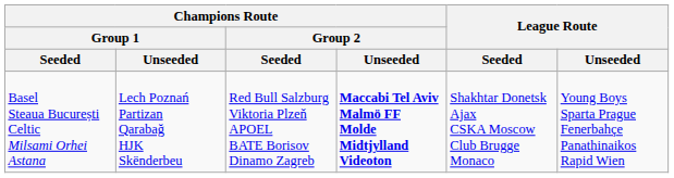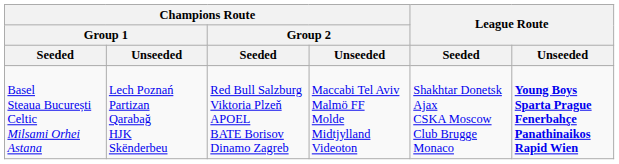 <table class="wikitable" style="font-size:80%">
 <tr>
 <th colspan=4>Champions Route</th>
 <th colspan=2 rowspan=2>League Route</th>
 </tr>
 <tr>
 <th colspan=2>Group 1</th>
 <th colspan=2>Group 2</th>
 </tr>
 <tr>
 <th width=16%>Seeded</th>
 <th width=16%>Unseeded</th>
 <th width=16%>Seeded</th>
 <th width=16%>Unseeded</th>
 <th width=16%>Seeded</th>
 <th width=16%>Unseeded</th>
 </tr>
 <tr>
 <td valign=top><br> <a href='#'>Basel</a><br>  <a href='#'>Steaua București</a><br>  <a href='#'>Celtic</a><br>  <em><a href='#'>Milsami Orhei</a></em><br>  <em><a href='#'>Astana</a></em></td>
 <td valign=top><br> <a href='#'>Lech Poznań</a><br>  <a href='#'>Partizan</a><br>  <a href='#'>Qarabağ</a><br>  <a href='#'>HJK</a><br>  <a href='#'>Skënderbeu</a></td>
 <td valign=top><br> <a href='#'>Red Bull Salzburg</a><br>  <a href='#'>Viktoria Plzeň</a><br>  <a href='#'>APOEL</a><br>  <a href='#'>BATE Borisov</a><br>  <a href='#'>Dinamo Zagreb</a></td>
-<td valign=top><strong><br> <a href='#'>Maccabi Tel Aviv</a><br>  <a href='#'>Malmö FF</a><br>  <a href='#'>Molde</a><br>  <a href='#'>Midtjylland</a><br>  <a href='#'>Videoton</a></strong></td>
+<td valign=top><br> <a href='#'>Maccabi Tel Aviv</a><br>  <a href='#'>Malmö FF</a><br>  <a href='#'>Molde</a><br>  <a href='#'>Midtjylland</a><br>  <a href='#'>Videoton</a></td>
 <td valign=top><br> <a href='#'>Shakhtar Donetsk</a><br>  <a href='#'>Ajax</a><br>  <a href='#'>CSKA Moscow</a><br>  <a href='#'>Club Brugge</a><br>  <a href='#'>Monaco</a></td>
-<td valign=top><br> <a href='#'>Young Boys</a><br>  <a href='#'>Sparta Prague</a><br>  <a href='#'>Fenerbahçe</a><br>  <a href='#'>Panathinaikos</a><br>  <a href='#'>Rapid Wien</a></td>
+<td valign=top><strong><br> <a href='#'>Young Boys</a><br>  <a href='#'>Sparta Prague</a><br>  <a href='#'>Fenerbahçe</a><br>  <a href='#'>Panathinaikos</a><br>  <a href='#'>Rapid Wien</a></strong></td>
 </tr>
 </table>
